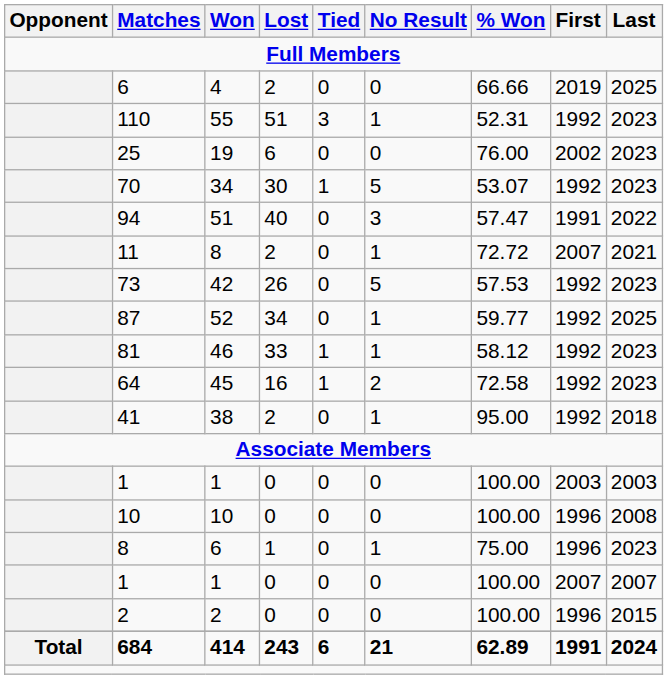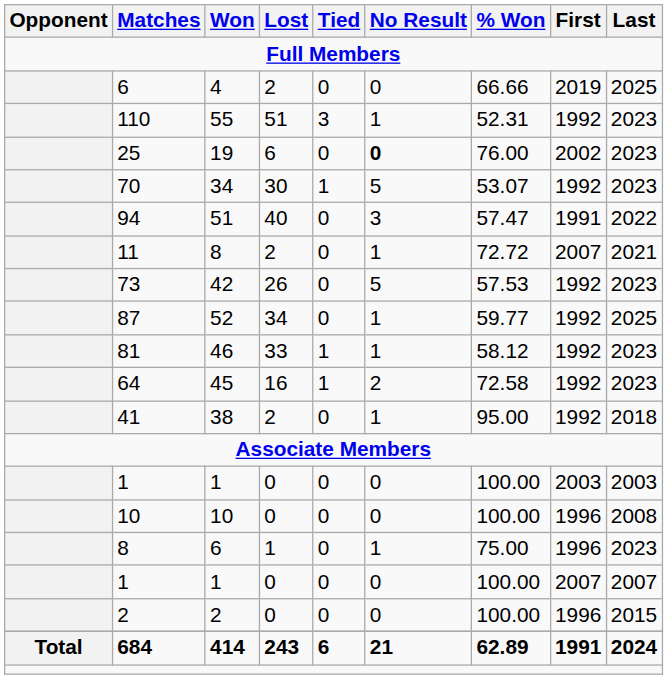 <table class="wikitable plainrowheaders sortable">
 <tr>
 <th scope="col">Opponent</th>
 <th scope="col"><a href='#'>Matches</a></th>
 <th scope="col"><a href='#'>Won</a></th>
 <th scope="col"><a href='#'>Lost</a></th>
 <th scope="col"><a href='#'>Tied</a></th>
 <th scope="col"><a href='#'>No Result</a></th>
 <th scope="col"><a href='#'>% Won</a></th>
 <th scope="col">First</th>
 <th scope="col">Last</th>
 </tr>
 <tr>
 <td style="text-align: center;" colspan="9"><strong><a href='#'>Full Members</a></strong></td>
 </tr>
 <tr>
 <th scope=row></th>
 <td>6</td>
 <td>4</td>
 <td>2</td>
 <td>0</td>
 <td>0</td>
 <td>66.66</td>
 <td>2019</td>
 <td>2025</td>
 </tr>
 <tr>
 <th scope=row></th>
 <td>110</td>
 <td>55</td>
 <td>51</td>
 <td>3</td>
 <td>1</td>
 <td>52.31</td>
 <td>1992</td>
 <td>2023</td>
 </tr>
 <tr>
 <th scope=row></th>
 <td>25</td>
 <td>19</td>
 <td>6</td>
 <td>0</td>
-<td>0</td>
+<td><strong>0</strong></td>
 <td>76.00</td>
 <td>2002</td>
 <td>2023</td>
 </tr>
 <tr>
 <th scope=row></th>
 <td>70</td>
 <td>34</td>
 <td>30</td>
 <td>1</td>
 <td>5</td>
 <td>53.07</td>
 <td>1992</td>
 <td>2023</td>
 </tr>
 <tr>
 <th scope=row></th>
 <td>94</td>
 <td>51</td>
 <td>40</td>
 <td>0</td>
 <td>3</td>
 <td>57.47</td>
 <td>1991</td>
 <td>2022</td>
 </tr>
 <tr>
 <th scope=row></th>
 <td>11</td>
 <td>8</td>
 <td>2</td>
 <td>0</td>
 <td>1</td>
 <td>72.72</td>
 <td>2007</td>
 <td>2021</td>
 </tr>
 <tr>
 <th scope=row></th>
 <td>73</td>
 <td>42</td>
 <td>26</td>
 <td>0</td>
 <td>5</td>
 <td>57.53</td>
 <td>1992</td>
 <td>2023</td>
 </tr>
 <tr>
 <th scope=row></th>
 <td>87</td>
 <td>52</td>
 <td>34</td>
 <td>0</td>
 <td>1</td>
 <td>59.77</td>
 <td>1992</td>
 <td>2025</td>
 </tr>
 <tr>
 <th scope=row></th>
 <td>81</td>
 <td>46</td>
 <td>33</td>
 <td>1</td>
 <td>1</td>
 <td>58.12</td>
 <td>1992</td>
 <td>2023</td>
 </tr>
 <tr>
 <th scope=row></th>
 <td>64</td>
 <td>45</td>
 <td>16</td>
 <td>1</td>
 <td>2</td>
 <td>72.58</td>
 <td>1992</td>
 <td>2023</td>
 </tr>
 <tr>
 <th scope=row></th>
 <td>41</td>
 <td>38</td>
 <td>2</td>
 <td>0</td>
 <td>1</td>
 <td>95.00</td>
 <td>1992</td>
 <td>2018</td>
 </tr>
 <tr>
 <td colspan="10" style="text-align: center;"><strong><a href='#'>Associate Members</a></strong></td>
 </tr>
 <tr>
 <th scope=row></th>
 <td>1</td>
 <td>1</td>
 <td>0</td>
 <td>0</td>
 <td>0</td>
 <td>100.00</td>
 <td>2003</td>
 <td>2003</td>
 </tr>
 <tr>
 <th scope=row></th>
 <td>10</td>
 <td>10</td>
 <td>0</td>
 <td>0</td>
 <td>0</td>
 <td>100.00</td>
 <td>1996</td>
 <td>2008</td>
 </tr>
 <tr>
 <th scope=row></th>
 <td>8</td>
 <td>6</td>
 <td>1</td>
 <td>0</td>
 <td>1</td>
 <td>75.00</td>
 <td>1996</td>
 <td>2023</td>
 </tr>
 <tr>
 <th scope=row></th>
 <td>1</td>
 <td>1</td>
 <td>0</td>
 <td>0</td>
 <td>0</td>
 <td>100.00</td>
 <td>2007</td>
 <td>2007</td>
 </tr>
 <tr>
 <th scope=row></th>
 <td>2</td>
 <td>2</td>
 <td>0</td>
 <td>0</td>
 <td>0</td>
 <td>100.00</td>
 <td>1996</td>
 <td>2015</td>
 </tr>
 <tr>
 </tr>
 <tr class="sortbottom">
 <th scope="row" style="text-align:center"><strong>Total</strong></th>
 <td><strong>684</strong></td>
 <td><strong>414</strong></td>
 <td><strong>243</strong></td>
 <td><strong>6</strong></td>
 <td><strong>21</strong></td>
 <td><strong>62.89</strong></td>
 <td><strong>1991</strong></td>
 <td><strong>2024</strong></td>
 </tr>
 <tr>
 <td colspan=10></td>
 </tr>
 </table>
